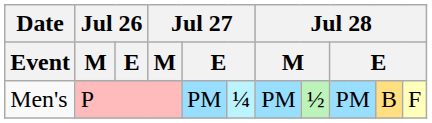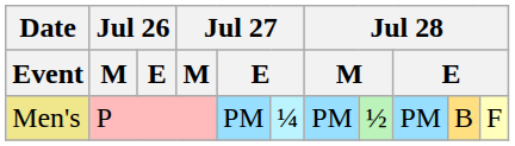 <table class="wikitable olympic-schedule Rugby Sevens">
 <tr>
 <th>Date</th>
 <th colspan="2">Jul 26</th>
 <th colspan="3">Jul 27</th>
 <th colspan="5">Jul 28</th>
 </tr>
 <tr>
 <th>Event</th>
 <th>M</th>
 <th>E</th>
 <th>M</th>
 <th colspan="2">E</th>
 <th colspan="2">M</th>
 <th colspan="3">E</th>
 </tr>
 <tr>
-<td class="event">Men's</td>
+<td class="event" style="background: khaki;">Men's</td>
 <td colspan="3" bgcolor="#FFBBBB"  class="pool stage">P</td>
 <td bgcolor="#97DEFF" class="placingmatches">PM</td>
 <td bgcolor="#BBF3FF" class="quarterfinals">¼</td>
 <td bgcolor="#97DEFF" class="placingmatches">PM</td>
 <td bgcolor="#BBF3BB" class="semifinal">½</td>
 <td bgcolor="#97DEFF" class="placingmatches">PM</td>
 <td style="background-color:#FFDF80;">B</td>
 <td style="background-color:#FFFFBB;">F</td>
 </tr>
 </table>
